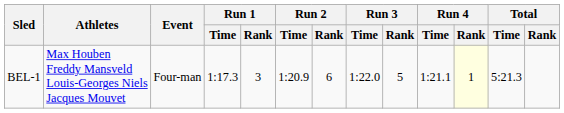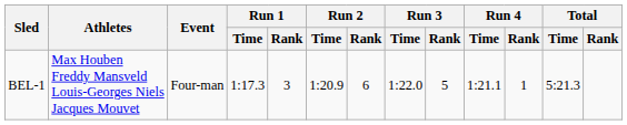 <table class="wikitable" border="1" style="font-size:90%">
 <tr>
 <th rowspan="2">Sled</th>
 <th rowspan="2">Athletes</th>
 <th rowspan="2">Event</th>
 <th colspan="2">Run 1</th>
 <th colspan="2">Run 2</th>
 <th colspan="2">Run 3</th>
 <th colspan="2">Run 4</th>
 <th colspan="2">Total</th>
 </tr>
 <tr>
 <th>Time</th>
 <th>Rank</th>
 <th>Time</th>
 <th>Rank</th>
 <th>Time</th>
 <th>Rank</th>
 <th>Time</th>
 <th>Rank</th>
 <th>Time</th>
 <th>Rank</th>
 </tr>
 <tr>
 <td align="center">BEL-1</td>
 <td><a href='#'>Max Houben</a><br><a href='#'>Freddy Mansveld</a><br><a href='#'>Louis-Georges Niels</a><br><a href='#'>Jacques Mouvet</a></td>
 <td>Four-man</td>
 <td align="center">1:17.3</td>
 <td align="center">3</td>
 <td align="center">1:20.9</td>
 <td align="center">6</td>
 <td align="center">1:22.0</td>
 <td align="center">5</td>
 <td align="center">1:21.1</td>
-<td align="center" style="background: lightyellow;">1</td>
+<td align="center">1</td>
 <td align="center">5:21.3</td>
 <td align="center"></td>
 </tr>
 </table>
